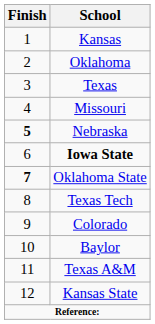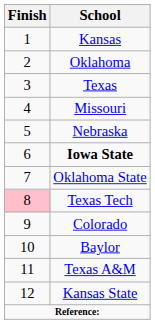 <table class="wikitable" style="text-align: center">
 <tr align=center>
 <th>Finish</th>
 <th>School</th>
 </tr>
 <tr>
 <td>1</td>
 <td><a href='#'>Kansas</a></td>
 </tr>
 <tr>
 <td>2</td>
 <td><a href='#'>Oklahoma</a></td>
 </tr>
 <tr>
 <td>3</td>
 <td><a href='#'>Texas</a></td>
 </tr>
 <tr>
 <td>4</td>
 <td><a href='#'>Missouri</a></td>
 </tr>
 <tr>
-<td><strong>5</strong></td>
+<td>5</td>
 <td><a href='#'>Nebraska</a></td>
 </tr>
 <tr>
 <td>6</td>
 <td><strong>Iowa State</strong></td>
 </tr>
 <tr>
-<td><strong>7</strong></td>
+<td>7</td>
 <td><a href='#'>Oklahoma State</a></td>
 </tr>
 <tr>
-<td>8</td>
+<td style="background: pink;">8</td>
 <td><a href='#'>Texas Tech</a></td>
 </tr>
 <tr>
 <td>9</td>
 <td><a href='#'>Colorado</a></td>
 </tr>
 <tr>
 <td>10</td>
 <td><a href='#'>Baylor</a></td>
 </tr>
 <tr>
 <td>11</td>
 <td><a href='#'>Texas A&M</a></td>
 </tr>
 <tr>
 <td>12</td>
 <td><a href='#'>Kansas State</a></td>
 </tr>
 <tr>
 <td colspan="6"  style="font-size:8pt; text-align:center;"><strong>Reference:</strong></td>
 </tr>
 </table>
